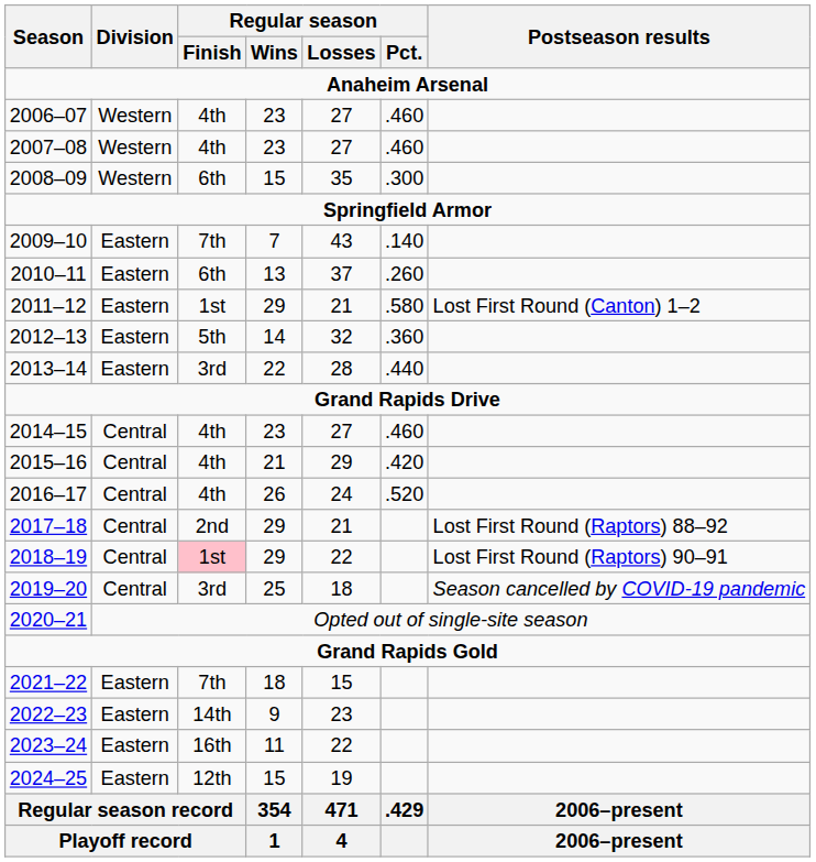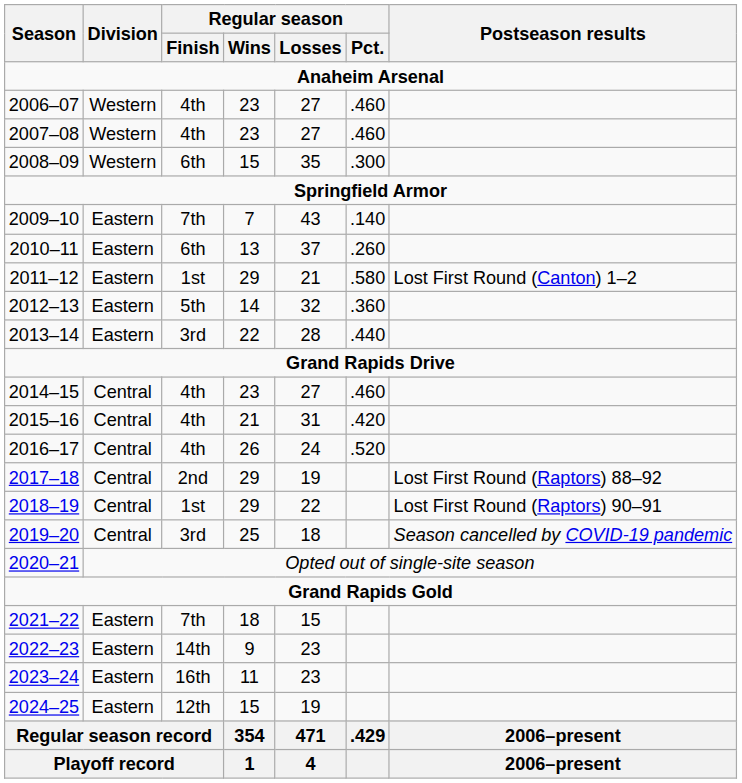 <table class="wikitable" style="font-size:95%; text-align:center">
 <tr>
 <th rowspan=2>Season</th>
 <th rowspan=2>Division</th>
 <th colspan=4>Regular season</th>
 <th rowspan=2>Postseason results</th>
 </tr>
 <tr>
 <th>Finish</th>
 <th>Wins</th>
 <th>Losses</th>
 <th>Pct.</th>
 </tr>
 <tr>
 <td colspan="10"><strong>Anaheim Arsenal</strong></td>
 </tr>
 <tr>
 <td>2006–07</td>
 <td>Western</td>
 <td>4th</td>
 <td>23</td>
 <td>27</td>
 <td>.460</td>
 <td></td>
 </tr>
 <tr>
 <td>2007–08</td>
 <td>Western</td>
 <td>4th</td>
 <td>23</td>
 <td>27</td>
 <td>.460</td>
 <td></td>
 </tr>
 <tr>
 <td>2008–09</td>
 <td>Western</td>
 <td>6th</td>
 <td>15</td>
 <td>35</td>
 <td>.300</td>
 <td></td>
 </tr>
 <tr>
 <td colspan=10 style="text-align:center; "><strong>Springfield Armor</strong></td>
 </tr>
 <tr>
 <td>2009–10</td>
 <td>Eastern</td>
 <td>7th</td>
 <td>7</td>
 <td>43</td>
 <td>.140</td>
 <td></td>
 </tr>
 <tr>
 <td>2010–11</td>
 <td>Eastern</td>
 <td>6th</td>
 <td>13</td>
 <td>37</td>
 <td>.260</td>
 <td></td>
 </tr>
 <tr>
 <td>2011–12</td>
 <td>Eastern</td>
 <td>1st</td>
 <td>29</td>
 <td>21</td>
 <td>.580</td>
 <td align=left>Lost First Round (<a href='#'>Canton</a>) 1–2</td>
 </tr>
 <tr>
 <td>2012–13</td>
 <td>Eastern</td>
 <td>5th</td>
 <td>14</td>
 <td>32</td>
 <td>.360</td>
 <td></td>
 </tr>
 <tr>
 <td>2013–14</td>
 <td>Eastern</td>
 <td>3rd</td>
 <td>22</td>
 <td>28</td>
 <td>.440</td>
 <td></td>
 </tr>
 <tr>
 <td colspan="10" style="text-align:center; "><strong>Grand Rapids Drive</strong></td>
 </tr>
 <tr>
 <td>2014–15</td>
 <td>Central</td>
 <td>4th</td>
 <td>23</td>
 <td>27</td>
 <td>.460</td>
 <td></td>
 </tr>
 <tr>
 <td>2015–16</td>
 <td>Central</td>
 <td>4th</td>
 <td>21</td>
-<td>29</td>
+<td>31</td>
 <td>.420</td>
 <td></td>
 </tr>
 <tr>
 <td>2016–17</td>
 <td>Central</td>
 <td>4th</td>
 <td>26</td>
 <td>24</td>
 <td>.520</td>
 <td></td>
 </tr>
 <tr>
 <td><a href='#'>2017–18</a></td>
 <td>Central</td>
 <td>2nd</td>
 <td>29</td>
-<td>21</td>
+<td>19</td>
 <td></td>
 <td align=left>Lost First Round (<a href='#'>Raptors</a>) 88–92</td>
 </tr>
 <tr>
 <td><a href='#'>2018–19</a></td>
 <td>Central</td>
-<td style="background: pink;">1st</td>
+<td>1st</td>
 <td>29</td>
 <td>22</td>
 <td></td>
 <td align=left>Lost First Round (<a href='#'>Raptors</a>) 90–91</td>
 </tr>
 <tr>
 <td><a href='#'>2019–20</a></td>
 <td>Central</td>
 <td>3rd</td>
 <td>25</td>
 <td>18</td>
 <td></td>
 <td align=left><em>Season cancelled by <a href='#'>COVID-19 pandemic</a></em></td>
 </tr>
 <tr>
 <td><a href='#'>2020–21</a></td>
 <td colspan="7"><em>Opted out of single-site season</em></td>
 </tr>
 <tr>
 <td colspan="10" style="text-align:center; "><strong>Grand Rapids Gold</strong></td>
 </tr>
 <tr>
 <td><a href='#'>2021–22</a></td>
 <td>Eastern</td>
 <td>7th</td>
 <td>18</td>
 <td>15</td>
 <td></td>
 <td align=left></td>
 </tr>
 <tr>
 <td><a href='#'>2022–23</a></td>
 <td>Eastern</td>
 <td>14th</td>
 <td>9</td>
 <td>23</td>
 <td></td>
 <td align=left></td>
 </tr>
 <tr>
 <td><a href='#'>2023–24</a></td>
 <td>Eastern</td>
 <td>16th</td>
 <td>11</td>
-<td>22</td>
+<td>23</td>
 <td></td>
 <td align=left></td>
 </tr>
 <tr>
 <td><a href='#'>2024–25</a></td>
 <td>Eastern</td>
 <td>12th</td>
 <td>15</td>
 <td>19</td>
 <td></td>
 <td align=left></td>
 </tr>
 <tr>
 <th colspan=3>Regular season record</th>
 <th>354</th>
 <th>471</th>
 <th>.429</th>
 <th colspan="2">2006–present</th>
 </tr>
 <tr>
 <th colspan=3>Playoff record</th>
 <th>1</th>
 <th>4</th>
 <th></th>
 <th colspan=2>2006–present</th>
 </tr>
 </table>
